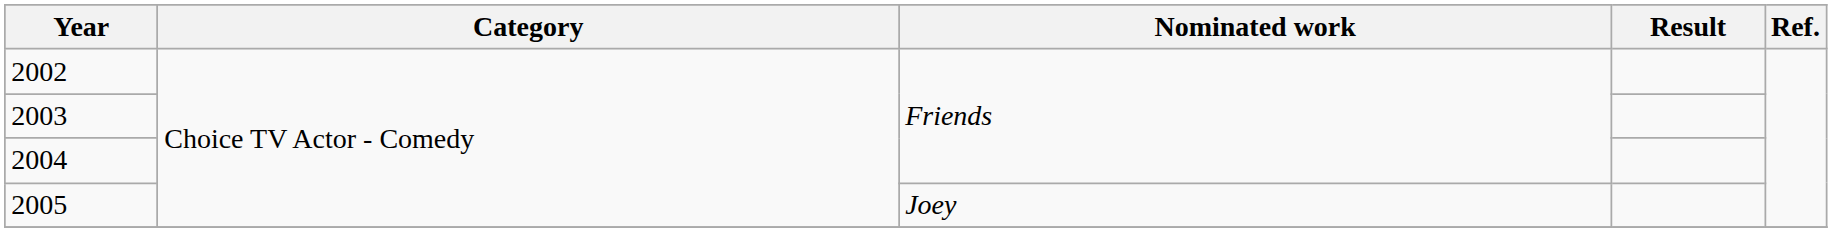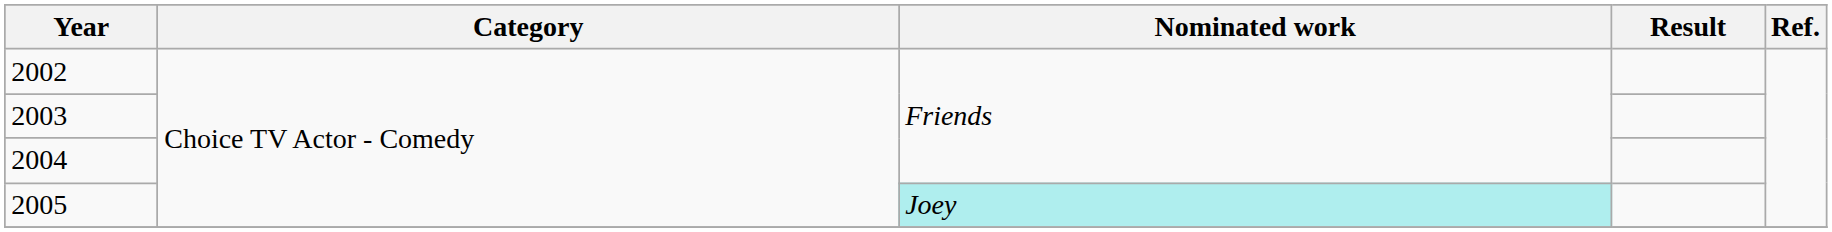 <table class=wikitable>
 <tr>
 <th scope="col" style="width:5em;">Year</th>
 <th scope="col" style="width:26em;">Category</th>
 <th scope="col" style="width:25em;">Nominated work</th>
 <th scope="col" style="width:5em;">Result</th>
 <th>Ref.</th>
 </tr>
 <tr>
 <td>2002</td>
 <td rowspan="4">Choice TV Actor - Comedy</td>
 <td rowspan=3><em>Friends</em></td>
 <td></td>
 <td rowspan=4></td>
 </tr>
 <tr>
 <td>2003</td>
 <td></td>
 </tr>
 <tr>
 <td>2004</td>
 <td></td>
 </tr>
 <tr>
 <td>2005</td>
-<td><em>Joey</em></td>
+<td style="background: paleturquoise;"><em>Joey</em></td>
 <td></td>
 </tr>
 <tr>
 </tr>
 </table>
